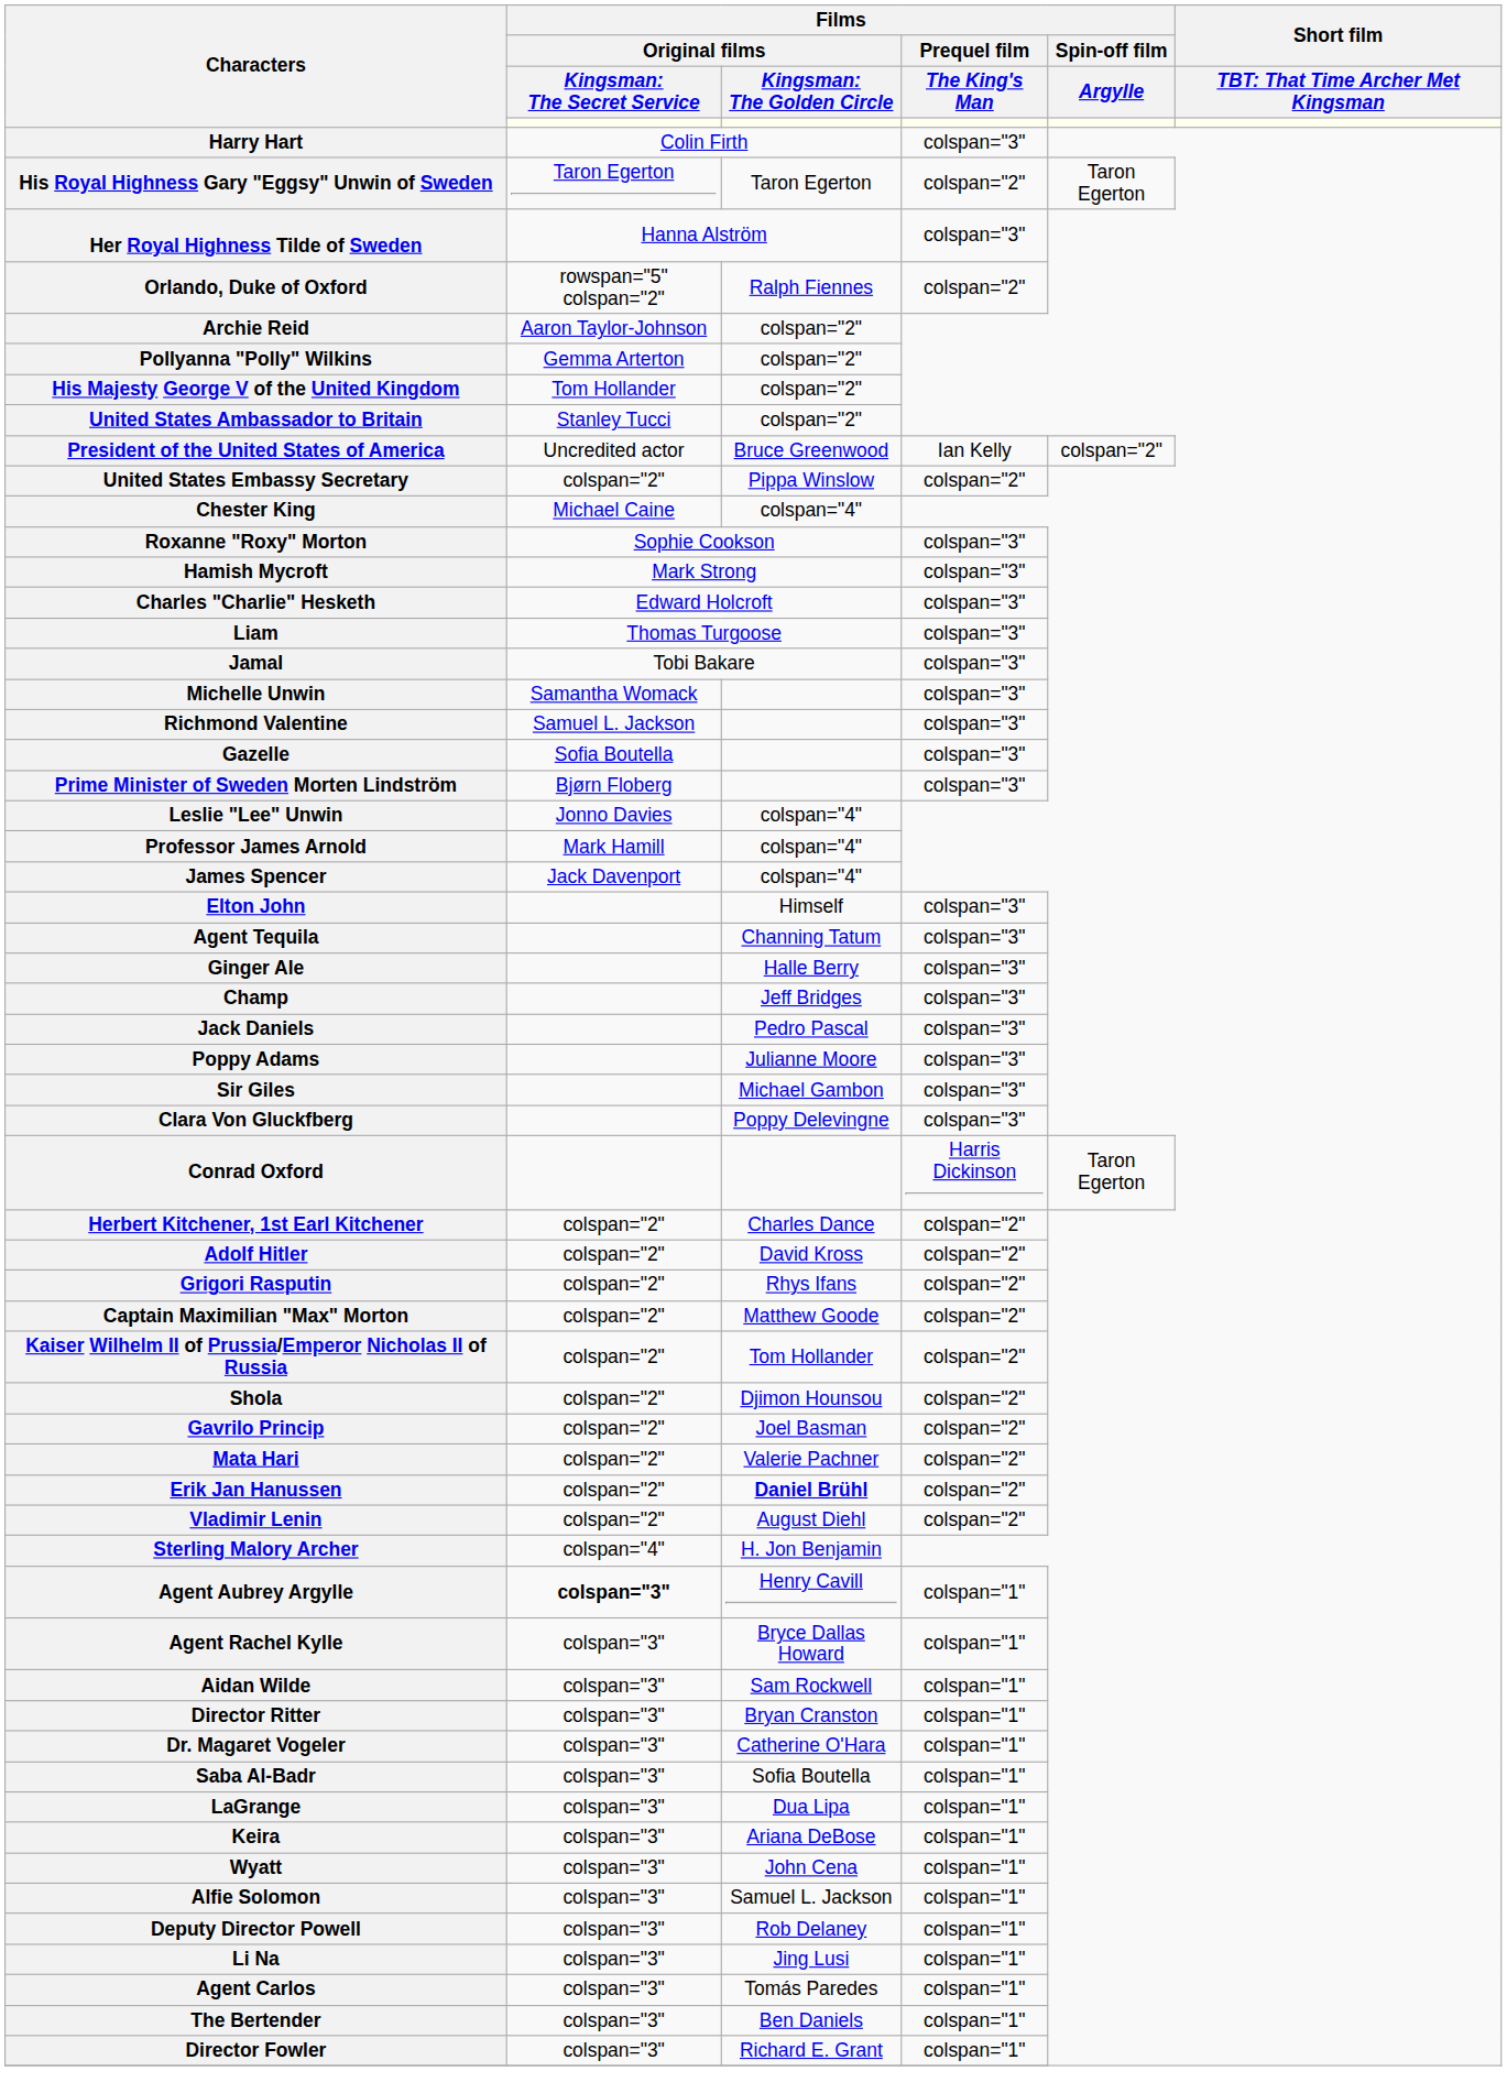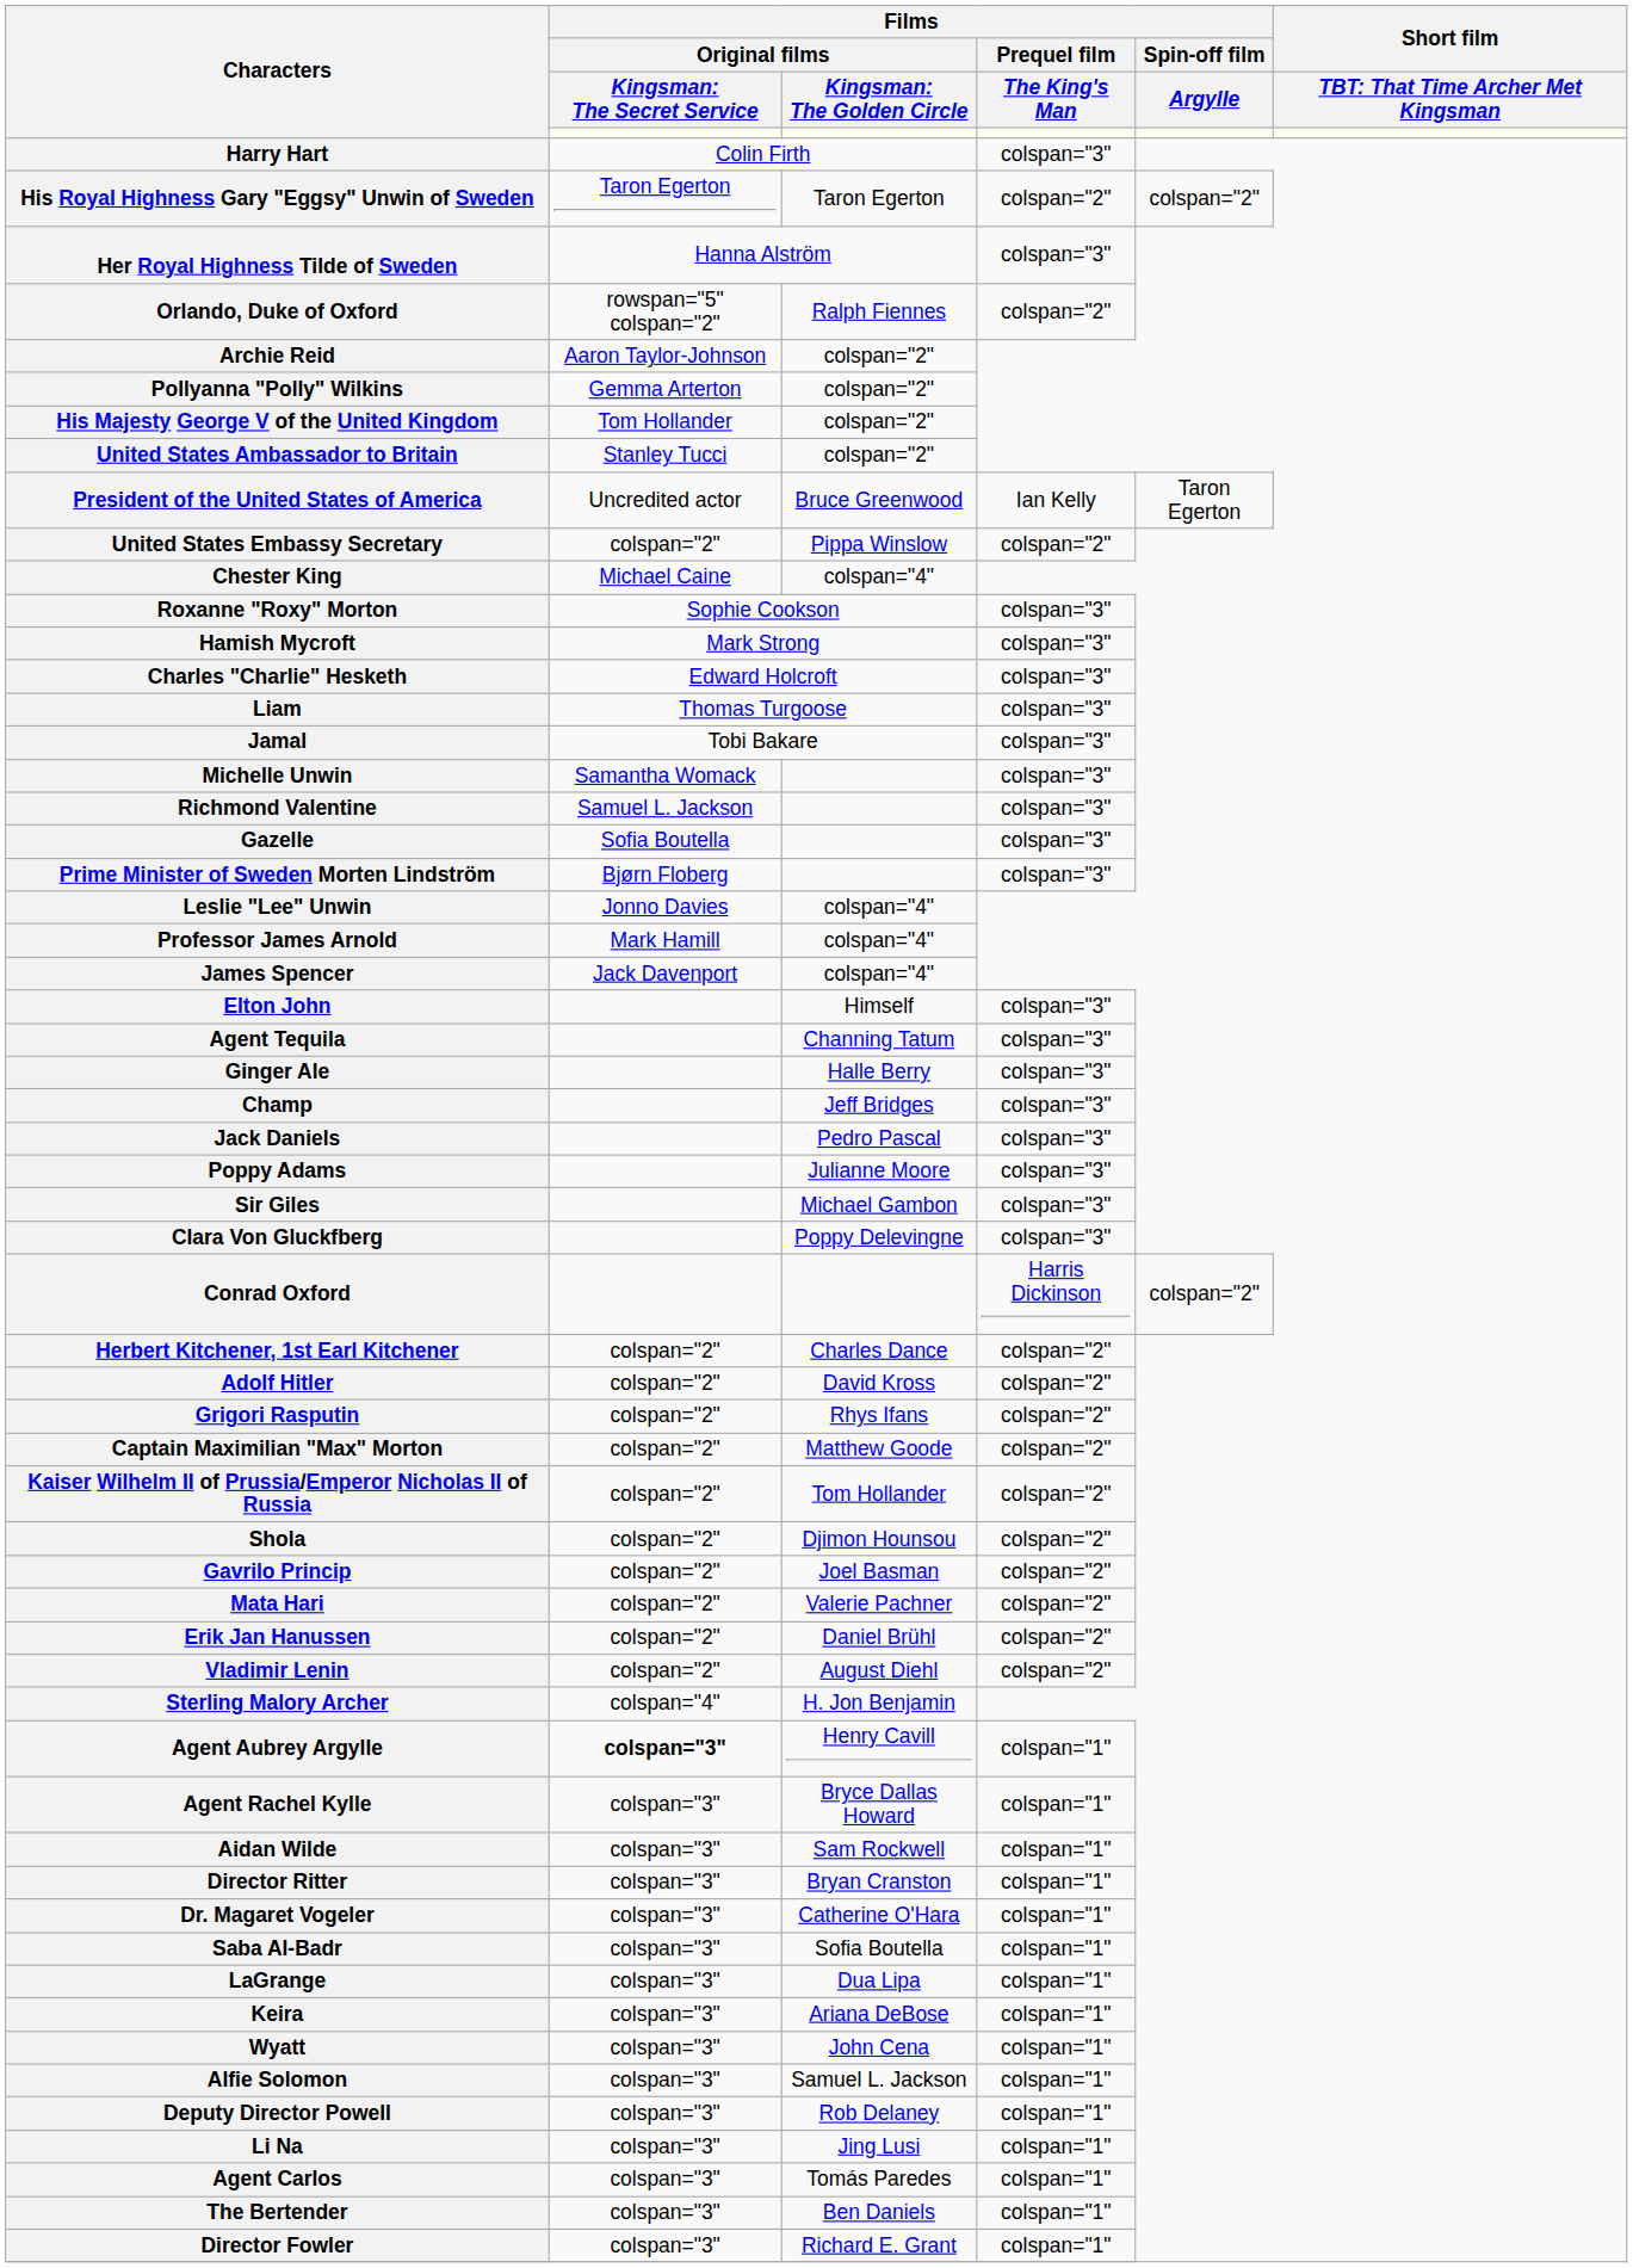 <table class="wikitable" style="text-align:center;">
 <tr>
 <th rowspan="4">Characters</th>
 <th colspan="4">Films</th>
 <th rowspan="2">Short film</th>
 </tr>
 <tr>
 <th colspan="2">Original films</th>
 <th colspan="1">Prequel film</th>
 <th>Spin-off film</th>
 </tr>
 <tr>
 <th><em><a href='#'>Kingsman:<br>The Secret Service</a></em></th>
 <th><em><a href='#'>Kingsman:<br>The Golden Circle</a></em></th>
 <th><em><a href='#'>The King's Man</a></em></th>
 <th><em><a href='#'>Argylle</a></em></th>
 <th><em><a href='#'>TBT: That Time Archer Met Kingsman</a></em></th>
 </tr>
 <tr>
 <th style="background:ivory;"></th>
 <th style="background:ivory;"></th>
 <th style="background:ivory;"></th>
 <th style="background:ivory;"></th>
 <th style="background:ivory;"></th>
 </tr>
 <tr>
 <th>Harry Hart<br></th>
 <td colspan="2"><a href='#'>Colin Firth</a></td>
 <td>colspan="3" </td>
 </tr>
 <tr>
 <th>His <a href='#'>Royal Highness</a> Gary "Eggsy" Unwin of <a href='#'>Sweden</a><br></th>
 <td><a href='#'>Taron Egerton</a><hr></td>
 <td>Taron Egerton</td>
 <td>colspan="2" </td>
-<td>Taron Egerton</td>
+<td>colspan="2" </td>
 </tr>
 <tr>
 <th><br>Her <a href='#'>Royal Highness</a> Tilde of <a href='#'>Sweden</a></th>
 <td colspan="2"><a href='#'>Hanna Alström</a></td>
 <td>colspan="3" </td>
 </tr>
 <tr>
 <th>Orlando, Duke of Oxford<br></th>
 <td>rowspan="5" colspan="2" </td>
 <td><a href='#'>Ralph Fiennes</a></td>
 <td>colspan="2" </td>
 </tr>
 <tr>
 <th>Archie Reid<br></th>
 <td><a href='#'>Aaron Taylor-Johnson</a></td>
 <td>colspan="2" </td>
 </tr>
 <tr>
 <th>Pollyanna "Polly" Wilkins<br></th>
 <td><a href='#'>Gemma Arterton</a></td>
 <td>colspan="2" </td>
 </tr>
 <tr>
 <th><a href='#'>His Majesty</a> <a href='#'>George V</a> of the <a href='#'>United Kingdom</a><br></th>
 <td><a href='#'>Tom Hollander</a></td>
 <td>colspan="2" </td>
 </tr>
 <tr>
 <th><a href='#'>United States Ambassador to Britain</a><br></th>
 <td><a href='#'>Stanley Tucci</a></td>
 <td>colspan="2" </td>
 </tr>
 <tr>
 <th><a href='#'>President of the United States of America</a></th>
 <td>Uncredited actor<br></td>
 <td><a href='#'>Bruce Greenwood</a></td>
 <td>Ian Kelly<br></td>
-<td>colspan="2" </td>
+<td>Taron Egerton</td>
 </tr>
 <tr>
 <th>United States Embassy Secretary</th>
 <td>colspan="2" </td>
 <td><a href='#'>Pippa Winslow</a></td>
 <td>colspan="2" </td>
 </tr>
 <tr>
 <th>Chester King<br></th>
 <td><a href='#'>Michael Caine</a></td>
 <td>colspan="4" </td>
 </tr>
 <tr>
 <th>Roxanne "Roxy" Morton<br></th>
 <td colspan="2"><a href='#'>Sophie Cookson</a></td>
 <td>colspan="3" </td>
 </tr>
 <tr>
 <th>Hamish Mycroft<br></th>
 <td colspan="2"><a href='#'>Mark Strong</a></td>
 <td>colspan="3" </td>
 </tr>
 <tr>
 <th>Charles "Charlie" Hesketh</th>
 <td colspan="2"><a href='#'>Edward Holcroft</a></td>
 <td>colspan="3" </td>
 </tr>
 <tr>
 <th>Liam</th>
 <td colspan="2"><a href='#'>Thomas Turgoose</a></td>
 <td>colspan="3" </td>
 </tr>
 <tr>
 <th>Jamal</th>
 <td colspan="2">Tobi Bakare</td>
 <td>colspan="3" </td>
 </tr>
 <tr>
 <th>Michelle Unwin</th>
 <td><a href='#'>Samantha Womack</a></td>
 <td></td>
 <td>colspan="3" </td>
 </tr>
 <tr>
 <th>Richmond Valentine</th>
 <td><a href='#'>Samuel L. Jackson</a></td>
 <td></td>
 <td>colspan="3" </td>
 </tr>
 <tr>
 <th>Gazelle</th>
 <td><a href='#'>Sofia Boutella</a></td>
 <td></td>
 <td>colspan="3" </td>
 </tr>
 <tr>
 <th><a href='#'>Prime Minister of Sweden</a> Morten Lindström</th>
 <td><a href='#'>Bjørn Floberg</a></td>
 <td></td>
 <td>colspan="3" </td>
 </tr>
 <tr>
 <th>Leslie "Lee" Unwin</th>
 <td><a href='#'>Jonno Davies</a></td>
 <td>colspan="4" </td>
 </tr>
 <tr>
 <th>Professor James Arnold</th>
 <td><a href='#'>Mark Hamill</a></td>
 <td>colspan="4" </td>
 </tr>
 <tr>
 <th>James Spencer<br></th>
 <td><a href='#'>Jack Davenport</a></td>
 <td>colspan="4" </td>
 </tr>
 <tr>
 <th><a href='#'>Elton John</a></th>
 <td></td>
 <td>Himself</td>
 <td>colspan="3" </td>
 </tr>
 <tr>
 <th>Agent Tequila</th>
 <td></td>
 <td><a href='#'>Channing Tatum</a></td>
 <td>colspan="3" </td>
 </tr>
 <tr>
 <th>Ginger Ale<br></th>
 <td></td>
 <td><a href='#'>Halle Berry</a></td>
 <td>colspan="3" </td>
 </tr>
 <tr>
 <th>Champ<br></th>
 <td></td>
 <td><a href='#'>Jeff Bridges</a></td>
 <td>colspan="3" </td>
 </tr>
 <tr>
 <th>Jack Daniels<br></th>
 <td></td>
 <td><a href='#'>Pedro Pascal</a></td>
 <td>colspan="3" </td>
 </tr>
 <tr>
 <th>Poppy Adams</th>
 <td></td>
 <td><a href='#'>Julianne Moore</a></td>
 <td>colspan="3" </td>
 </tr>
 <tr>
 <th>Sir Giles<br></th>
 <td></td>
 <td><a href='#'>Michael Gambon</a></td>
 <td>colspan="3" </td>
 </tr>
 <tr>
 <th>Clara Von Gluckfberg</th>
 <td></td>
 <td><a href='#'>Poppy Delevingne</a></td>
 <td>colspan="3" </td>
 </tr>
 <tr>
 <th>Conrad Oxford</th>
 <td></td>
 <td></td>
 <td><a href='#'>Harris Dickinson</a><hr></td>
-<td>Taron Egerton</td>
+<td>colspan="2" </td>
 </tr>
 <tr>
 <th><a href='#'>Herbert Kitchener, 1st Earl Kitchener</a></th>
 <td>colspan="2" </td>
 <td><a href='#'>Charles Dance</a></td>
 <td>colspan="2" </td>
 </tr>
 <tr>
 <th><a href='#'>Adolf Hitler</a></th>
 <td>colspan="2" </td>
 <td><a href='#'>David Kross</a></td>
 <td>colspan="2" </td>
 </tr>
 <tr>
 <th><a href='#'>Grigori Rasputin</a></th>
 <td>colspan="2" </td>
 <td><a href='#'>Rhys Ifans</a></td>
 <td>colspan="2" </td>
 </tr>
 <tr>
 <th>Captain Maximilian "Max" Morton<br></th>
 <td>colspan="2" </td>
 <td><a href='#'>Matthew Goode</a></td>
 <td>colspan="2" </td>
 </tr>
 <tr>
 <th><a href='#'>Kaiser</a> <a href='#'>Wilhelm II</a> of <a href='#'>Prussia</a>/<a href='#'>Emperor</a> <a href='#'>Nicholas II</a> of <a href='#'>Russia</a></th>
 <td>colspan="2" </td>
 <td><a href='#'>Tom Hollander</a></td>
 <td>colspan="2" </td>
 </tr>
 <tr>
 <th>Shola<br></th>
 <td>colspan="2" </td>
 <td><a href='#'>Djimon Hounsou</a></td>
 <td>colspan="2" </td>
 </tr>
 <tr>
 <th><a href='#'>Gavrilo Princip</a></th>
 <td>colspan="2" </td>
 <td><a href='#'>Joel Basman</a></td>
 <td>colspan="2" </td>
 </tr>
 <tr>
 <th><a href='#'>Mata Hari</a></th>
 <td>colspan="2" </td>
 <td><a href='#'>Valerie Pachner</a></td>
 <td>colspan="2" </td>
 </tr>
 <tr>
 <th><a href='#'>Erik Jan Hanussen<br></a></th>
 <td>colspan="2" </td>
-<td><strong><a href='#'>Daniel Brühl</a></strong></td>
+<td><a href='#'>Daniel Brühl</a></td>
 <td>colspan="2" </td>
 </tr>
 <tr>
 <th><a href='#'>Vladimir Lenin</a></th>
 <td>colspan="2" </td>
 <td><a href='#'>August Diehl</a></td>
 <td>colspan="2" </td>
 </tr>
 <tr>
 <th><a href='#'>Sterling Malory Archer<br></a></th>
 <td>colspan="4" </td>
 <td><a href='#'>H. Jon Benjamin</a></td>
 </tr>
 <tr>
 <th>Agent Aubrey Argylle</th>
 <td><strong>colspan="3" </strong></td>
 <td><a href='#'>Henry Cavill</a><hr></td>
 <td>colspan="1" </td>
 </tr>
 <tr>
 <th>Agent Rachel Kylle<br></th>
 <td>colspan="3" </td>
 <td><a href='#'>Bryce Dallas Howard</a></td>
 <td>colspan="1" </td>
 </tr>
 <tr>
 <th>Aidan Wilde</th>
 <td>colspan="3" </td>
 <td><a href='#'>Sam Rockwell</a></td>
 <td>colspan="1" </td>
 </tr>
 <tr>
 <th>Director Ritter<br></th>
 <td>colspan="3" </td>
 <td><a href='#'>Bryan Cranston</a></td>
 <td>colspan="1" </td>
 </tr>
 <tr>
 <th>Dr. Magaret Vogeler<br></th>
 <td>colspan="3" </td>
 <td><a href='#'>Catherine O'Hara</a></td>
 <td>colspan="1" </td>
 </tr>
 <tr>
 <th>Saba Al-Badr</th>
 <td>colspan="3" </td>
 <td>Sofia Boutella</td>
 <td>colspan="1" </td>
 </tr>
 <tr>
 <th>LaGrange</th>
 <td>colspan="3" </td>
 <td><a href='#'>Dua Lipa</a></td>
 <td>colspan="1" </td>
 </tr>
 <tr>
 <th>Keira</th>
 <td>colspan="3" </td>
 <td><a href='#'>Ariana DeBose</a></td>
 <td>colspan="1" </td>
 </tr>
 <tr>
 <th>Wyatt</th>
 <td>colspan="3" </td>
 <td><a href='#'>John Cena</a></td>
 <td>colspan="1" </td>
 </tr>
 <tr>
 <th>Alfie Solomon</th>
 <td>colspan="3" </td>
 <td>Samuel L. Jackson</td>
 <td>colspan="1" </td>
 </tr>
 <tr>
 <th>Deputy Director Powell</th>
 <td>colspan="3" </td>
 <td><a href='#'>Rob Delaney</a></td>
 <td>colspan="1" </td>
 </tr>
 <tr>
 <th>Li Na</th>
 <td>colspan="3" </td>
 <td><a href='#'>Jing Lusi</a></td>
 <td>colspan="1" </td>
 </tr>
 <tr>
 <th>Agent Carlos</th>
 <td>colspan="3" </td>
 <td>Tomás Paredes</td>
 <td>colspan="1" </td>
 </tr>
 <tr>
 <th>The Bertender<br></th>
 <td>colspan="3" </td>
 <td><a href='#'>Ben Daniels</a></td>
 <td>colspan="1" </td>
 </tr>
 <tr>
 <th>Director Fowler</th>
 <td>colspan="3" </td>
 <td><a href='#'>Richard E. Grant</a></td>
 <td>colspan="1" </td>
 </tr>
 <tr>
 </tr>
 </table>
